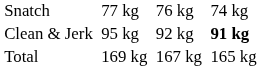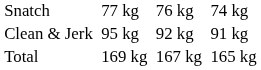 <table>
 <tr>
 <td>Snatch</td>
 <td></td>
 <td>77 kg</td>
 <td></td>
 <td>76 kg</td>
 <td></td>
 <td>74 kg</td>
 </tr>
 <tr>
 <td>Clean & Jerk</td>
 <td></td>
 <td>95 kg</td>
 <td></td>
 <td>92 kg</td>
 <td></td>
-<td><strong>91 kg</strong></td>
+<td>91 kg</td>
 </tr>
 <tr>
 <td>Total</td>
 <td></td>
 <td>169 kg</td>
 <td></td>
 <td>167 kg</td>
 <td></td>
 <td>165 kg</td>
 </tr>
 </table>
